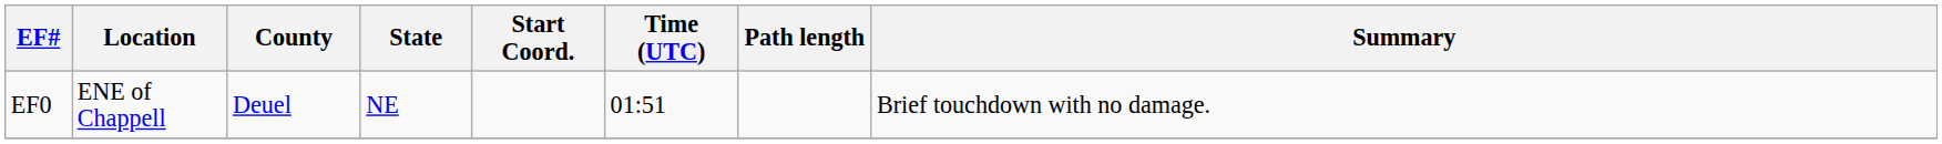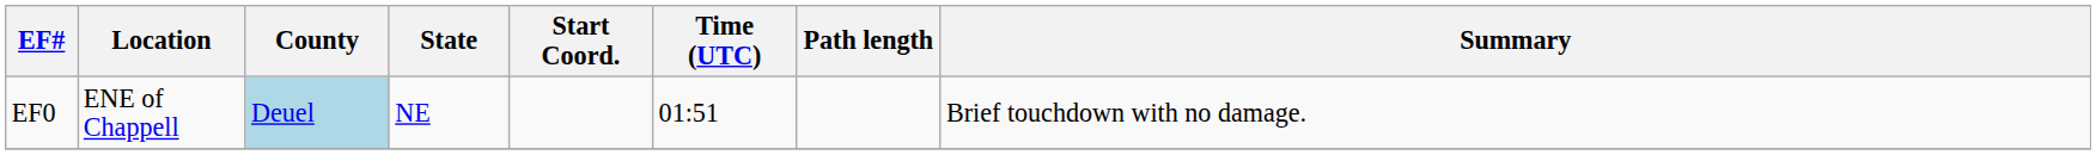 <table class="wikitable sortable" style="width:100%;">
 <tr>
 <th scope="col"  style="width:3%; text-align:center;"><a href='#'>EF#</a></th>
 <th scope="col"  style="width:7%; text-align:center;" class="unsortable">Location</th>
 <th scope="col"  style="width:6%; text-align:center;" class="unsortable">County</th>
 <th scope="col"  style="width:5%; text-align:center;">State</th>
 <th scope="col"  style="width:6%; text-align:center;">Start Coord.</th>
 <th scope="col"  style="width:6%; text-align:center;">Time (<a href='#'>UTC</a>)</th>
 <th scope="col"  style="width:6%; text-align:center;">Path length</th>
 <th scope="col" class="unsortable" style="width:48%; text-align:center;">Summary</th>
 </tr>
 <tr>
 <td>EF0</td>
 <td>ENE of <a href='#'>Chappell</a></td>
-<td><a href='#'>Deuel</a></td>
+<td style="background: lightblue;"><a href='#'>Deuel</a></td>
 <td><a href='#'>NE</a></td>
 <td></td>
 <td>01:51</td>
 <td></td>
 <td>Brief touchdown with no damage.</td>
 </tr>
 <tr>
 </tr>
 </table>
